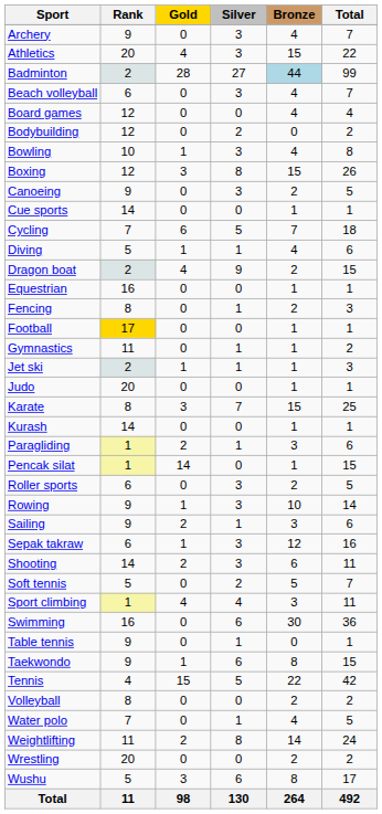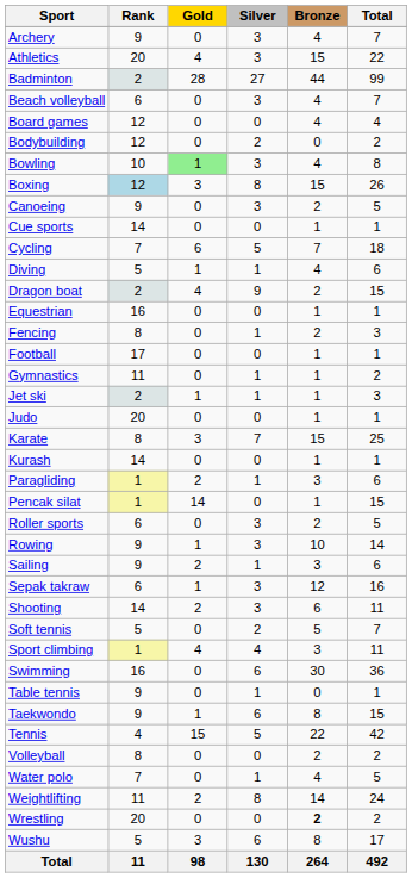 <table class="wikitable sortable" style="margin-top:0em; text-align:center; font-size:90%;">
 <tr>
 <th>Sport</th>
 <th style="width:4em;">Rank</th>
 <th style="background:gold; width:4em;">Gold</th>
 <th style="background:silver; width:4em;">Silver</th>
 <th style="background:#cc9966; width:4em;">Bronze</th>
 <th style="width:4em;">Total</th>
 </tr>
 <tr>
 </tr>
 <tr>
 <td align=left> <a href='#'>Archery</a></td>
 <td>9</td>
 <td>0</td>
 <td>3</td>
 <td>4</td>
 <td>7</td>
 </tr>
 <tr>
 <td align=left> <a href='#'>Athletics</a></td>
 <td>20</td>
 <td>4</td>
 <td>3</td>
 <td>15</td>
 <td>22</td>
 </tr>
 <tr>
 <td align=left> <a href='#'>Badminton</a></td>
 <td bgcolor=dce5e5>2</td>
 <td>28</td>
 <td>27</td>
-<td style="background: lightblue;">44</td>
+<td>44</td>
 <td>99</td>
 </tr>
 <tr>
 <td align=left> <a href='#'>Beach volleyball</a></td>
 <td>6</td>
 <td>0</td>
 <td>3</td>
 <td>4</td>
 <td>7</td>
 </tr>
 <tr>
 <td align=left> <a href='#'>Board games</a></td>
 <td>12</td>
 <td>0</td>
 <td>0</td>
 <td>4</td>
 <td>4</td>
 </tr>
 <tr>
 <td align=left> <a href='#'>Bodybuilding</a></td>
 <td>12</td>
 <td>0</td>
 <td>2</td>
 <td>0</td>
 <td>2</td>
 </tr>
 <tr>
 <td align=left> <a href='#'>Bowling</a></td>
 <td>10</td>
-<td>1</td>
+<td style="background: lightgreen;">1</td>
 <td>3</td>
 <td>4</td>
 <td>8</td>
 </tr>
 <tr>
 <td align=left> <a href='#'>Boxing</a></td>
-<td>12</td>
+<td style="background: lightblue;">12</td>
 <td>3</td>
 <td>8</td>
 <td>15</td>
 <td>26</td>
 </tr>
 <tr>
 <td align=left> <a href='#'>Canoeing</a></td>
 <td>9</td>
 <td>0</td>
 <td>3</td>
 <td>2</td>
 <td>5</td>
 </tr>
 <tr>
 <td align=left> <a href='#'>Cue sports</a></td>
 <td>14</td>
 <td>0</td>
 <td>0</td>
 <td>1</td>
 <td>1</td>
 </tr>
 <tr>
 <td align=left> <a href='#'>Cycling</a></td>
 <td>7</td>
 <td>6</td>
 <td>5</td>
 <td>7</td>
 <td>18</td>
 </tr>
 <tr>
 <td align=left> <a href='#'>Diving</a></td>
 <td>5</td>
 <td>1</td>
 <td>1</td>
 <td>4</td>
 <td>6</td>
 </tr>
 <tr>
 <td align=left> <a href='#'>Dragon boat</a></td>
 <td bgcolor=dce5e5>2</td>
 <td>4</td>
 <td>9</td>
 <td>2</td>
 <td>15</td>
 </tr>
 <tr>
 <td align=left> <a href='#'>Equestrian</a></td>
 <td>16</td>
 <td>0</td>
 <td>0</td>
 <td>1</td>
 <td>1</td>
 </tr>
 <tr>
 <td align=left> <a href='#'>Fencing</a></td>
 <td>8</td>
 <td>0</td>
 <td>1</td>
 <td>2</td>
 <td>3</td>
 </tr>
 <tr>
 <td align=left> <a href='#'>Football</a></td>
-<td style="background: gold;">17</td>
+<td>17</td>
 <td>0</td>
 <td>0</td>
 <td>1</td>
 <td>1</td>
 </tr>
 <tr>
 <td align=left> <a href='#'>Gymnastics</a></td>
 <td>11</td>
 <td>0</td>
 <td>1</td>
 <td>1</td>
 <td>2</td>
 </tr>
 <tr>
 <td align=left> <a href='#'>Jet ski</a></td>
 <td bgcolor=dce5e5>2</td>
 <td>1</td>
 <td>1</td>
 <td>1</td>
 <td>3</td>
 </tr>
 <tr>
 <td align=left> <a href='#'>Judo</a></td>
 <td>20</td>
 <td>0</td>
 <td>0</td>
 <td>1</td>
 <td>1</td>
 </tr>
 <tr>
 <td align=left> <a href='#'>Karate</a></td>
 <td>8</td>
 <td>3</td>
 <td>7</td>
 <td>15</td>
 <td>25</td>
 </tr>
 <tr>
 <td align=left> <a href='#'>Kurash</a></td>
 <td>14</td>
 <td>0</td>
 <td>0</td>
 <td>1</td>
 <td>1</td>
 </tr>
 <tr>
 <td align=left> <a href='#'>Paragliding</a></td>
 <td bgcolor=f7f6a8>1</td>
 <td>2</td>
 <td>1</td>
 <td>3</td>
 <td>6</td>
 </tr>
 <tr>
 <td align=left> <a href='#'>Pencak silat</a></td>
 <td bgcolor=f7f6a8>1</td>
 <td>14</td>
 <td>0</td>
 <td>1</td>
 <td>15</td>
 </tr>
 <tr>
 <td align=left> <a href='#'>Roller sports</a></td>
 <td>6</td>
 <td>0</td>
 <td>3</td>
 <td>2</td>
 <td>5</td>
 </tr>
 <tr>
 <td align=left> <a href='#'>Rowing</a></td>
 <td>9</td>
 <td>1</td>
 <td>3</td>
 <td>10</td>
 <td>14</td>
 </tr>
 <tr>
 <td align=left> <a href='#'>Sailing</a></td>
 <td>9</td>
 <td>2</td>
 <td>1</td>
 <td>3</td>
 <td>6</td>
 </tr>
 <tr>
 <td align=left> <a href='#'>Sepak takraw</a></td>
 <td>6</td>
 <td>1</td>
 <td>3</td>
 <td>12</td>
 <td>16</td>
 </tr>
 <tr>
 <td align=left> <a href='#'>Shooting</a></td>
 <td>14</td>
 <td>2</td>
 <td>3</td>
 <td>6</td>
 <td>11</td>
 </tr>
 <tr>
 <td align=left> <a href='#'>Soft tennis</a></td>
 <td>5</td>
 <td>0</td>
 <td>2</td>
 <td>5</td>
 <td>7</td>
 </tr>
 <tr>
 <td align=left> <a href='#'>Sport climbing</a></td>
 <td bgcolor=f7f6a8>1</td>
 <td>4</td>
 <td>4</td>
 <td>3</td>
 <td>11</td>
 </tr>
 <tr>
 <td align=left> <a href='#'>Swimming</a></td>
 <td>16</td>
 <td>0</td>
 <td>6</td>
 <td>30</td>
 <td>36</td>
 </tr>
 <tr>
 <td align=left> <a href='#'>Table tennis</a></td>
 <td>9</td>
 <td>0</td>
 <td>1</td>
 <td>0</td>
 <td>1</td>
 </tr>
 <tr>
 <td align=left> <a href='#'>Taekwondo</a></td>
 <td>9</td>
 <td>1</td>
 <td>6</td>
 <td>8</td>
 <td>15</td>
 </tr>
 <tr>
 <td align=left> <a href='#'>Tennis</a></td>
 <td>4</td>
 <td>15</td>
 <td>5</td>
 <td>22</td>
 <td>42</td>
 </tr>
 <tr>
 <td align=left> <a href='#'>Volleyball</a></td>
 <td>8</td>
 <td>0</td>
 <td>0</td>
 <td>2</td>
 <td>2</td>
 </tr>
 <tr>
 <td align=left> <a href='#'>Water polo</a></td>
 <td>7</td>
 <td>0</td>
 <td>1</td>
 <td>4</td>
 <td>5</td>
 </tr>
 <tr>
 <td align=left> <a href='#'>Weightlifting</a></td>
 <td>11</td>
 <td>2</td>
 <td>8</td>
 <td>14</td>
 <td>24</td>
 </tr>
 <tr>
 <td align=left> <a href='#'>Wrestling</a></td>
 <td>20</td>
 <td>0</td>
 <td>0</td>
-<td>2</td>
+<td><strong>2</strong></td>
 <td>2</td>
 </tr>
 <tr>
 <td align=left> <a href='#'>Wushu</a></td>
 <td>5</td>
 <td>3</td>
 <td>6</td>
 <td>8</td>
 <td>17</td>
 </tr>
 <tr>
 <th>Total</th>
 <th>11</th>
 <th>98</th>
 <th>130</th>
 <th>264</th>
 <th>492</th>
 </tr>
 </table>
